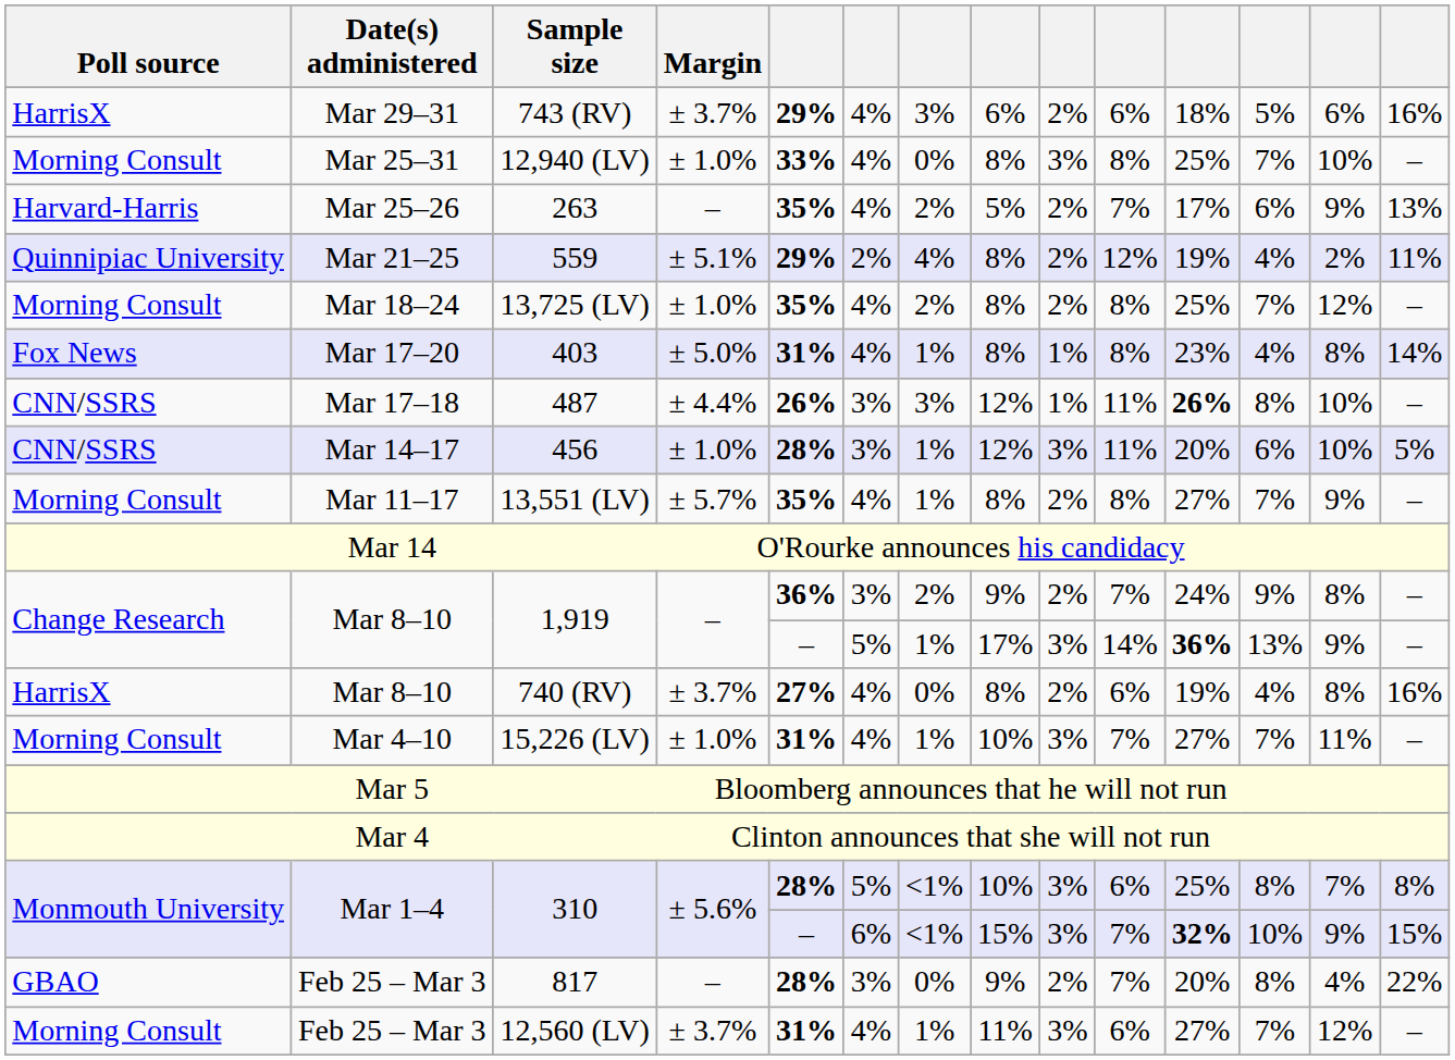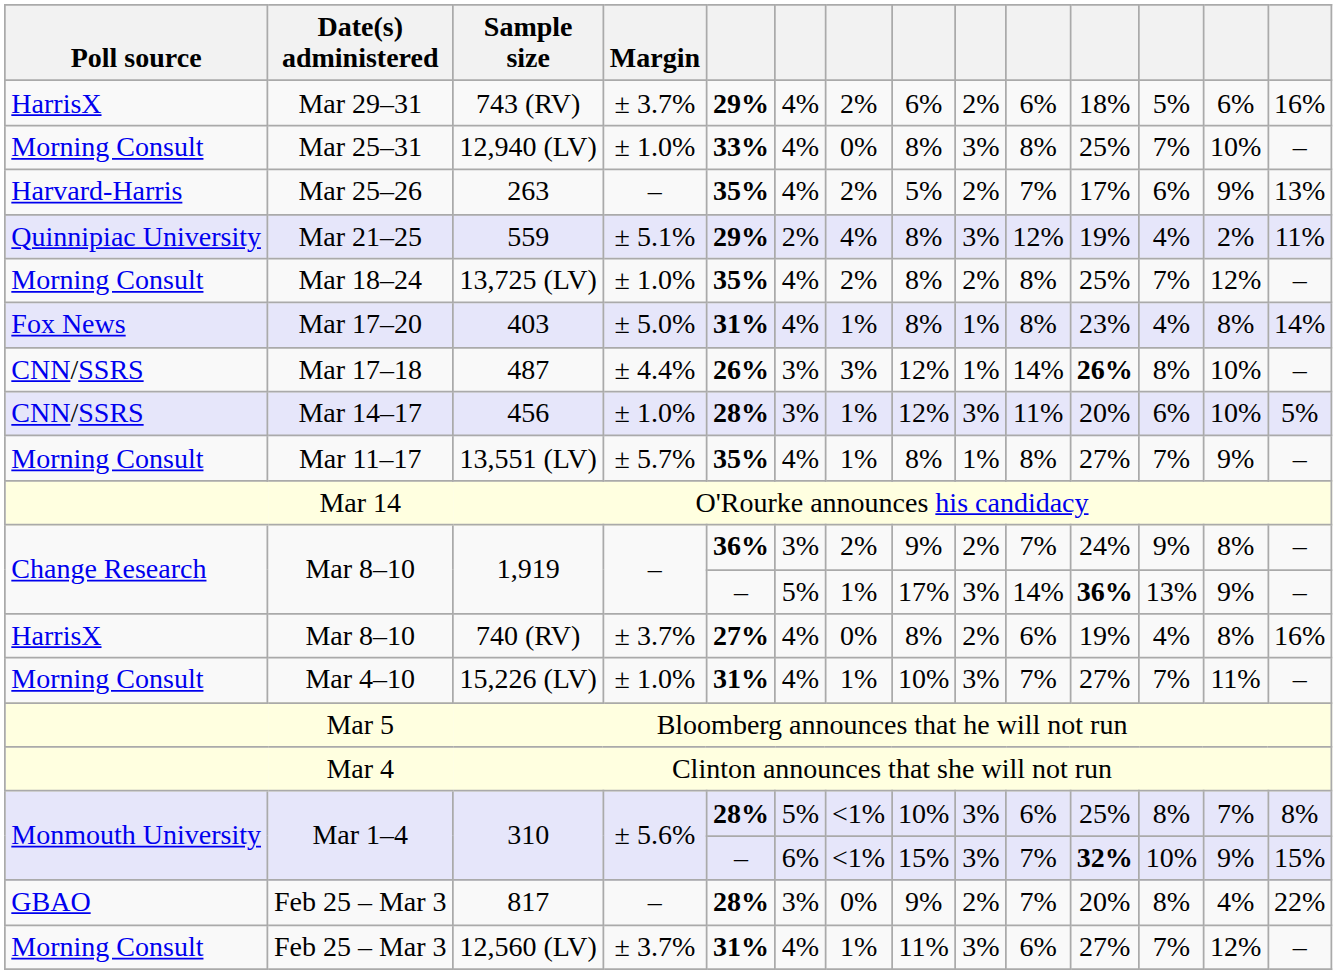 <table class="wikitable sortable" style="text-align:center;">
 <tr valign=bottom>
 <th style="background-position: right 85%;">Poll source</th>
 <th style="background-position: right 85%;">Date(s)<br>administered</th>
 <th style="background-position: right 85%;">Sample<br>size</th>
 <th style="background-position: right 85%;">Margin<br></th>
 <th></th>
 <th></th>
 <th></th>
 <th></th>
 <th></th>
 <th></th>
 <th></th>
 <th></th>
 <th></th>
 <th></th>
 </tr>
 <tr>
 <td style="text-align:left;"><a href='#'>HarrisX</a></td>
 <td>Mar 29–31</td>
 <td>743 (RV)</td>
 <td>± 3.7%</td>
 <td><strong>29%</strong></td>
 <td>4%</td>
-<td>3%</td>
+<td>2%</td>
 <td>6%</td>
 <td>2%</td>
 <td>6%</td>
 <td>18%</td>
 <td>5%</td>
 <td>6%</td>
 <td>16%</td>
 </tr>
 <tr>
 <td style="text-align:left;"><a href='#'>Morning Consult</a></td>
 <td>Mar 25–31</td>
 <td>12,940 (LV)</td>
 <td>± 1.0%</td>
 <td><strong>33%</strong></td>
 <td>4%</td>
 <td>0%</td>
 <td>8%</td>
 <td>3%</td>
 <td>8%</td>
 <td>25%</td>
 <td>7%</td>
 <td>10%</td>
 <td>–</td>
 </tr>
 <tr>
 <td style="text-align:left;"><a href='#'>Harvard-Harris</a></td>
 <td>Mar 25–26</td>
 <td>263</td>
 <td>–</td>
 <td><strong>35%</strong></td>
 <td>4%</td>
 <td>2%</td>
 <td>5%</td>
 <td>2%</td>
 <td>7%</td>
 <td>17%</td>
 <td>6%</td>
 <td>9%</td>
 <td>13%</td>
 </tr>
 <tr bgcolor=lavender>
 <td style="text-align:left;"><a href='#'>Quinnipiac University</a></td>
 <td>Mar 21–25</td>
 <td>559</td>
 <td>± 5.1%</td>
 <td><strong>29%</strong></td>
 <td>2%</td>
 <td>4%</td>
 <td>8%</td>
-<td>2%</td>
+<td>3%</td>
 <td>12%</td>
 <td>19%</td>
 <td>4%</td>
 <td>2%</td>
 <td>11%</td>
 </tr>
 <tr>
 <td style="text-align:left;"><a href='#'>Morning Consult</a></td>
 <td>Mar 18–24</td>
 <td>13,725 (LV)</td>
 <td>± 1.0%</td>
 <td><strong>35%</strong></td>
 <td>4%</td>
 <td>2%</td>
 <td>8%</td>
 <td>2%</td>
 <td>8%</td>
 <td>25%</td>
 <td>7%</td>
 <td>12%</td>
 <td>–</td>
 </tr>
 <tr bgcolor=lavender>
 <td style="text-align:left;"><a href='#'>Fox News</a></td>
 <td>Mar 17–20</td>
 <td>403</td>
 <td>± 5.0%</td>
 <td><strong>31%</strong></td>
 <td>4%</td>
 <td>1%</td>
 <td>8%</td>
 <td>1%</td>
 <td>8%</td>
 <td>23%</td>
 <td>4%</td>
 <td>8%</td>
 <td>14%</td>
 </tr>
 <tr>
 <td style="text-align:left;"><a href='#'>CNN</a>/<a href='#'>SSRS</a></td>
 <td>Mar 17–18</td>
 <td>487</td>
 <td>± 4.4%</td>
 <td><strong>26%</strong></td>
 <td>3%</td>
 <td>3%</td>
 <td>12%</td>
 <td>1%</td>
-<td>11%</td>
+<td>14%</td>
 <td><strong>26%</strong></td>
 <td>8%</td>
 <td>10%</td>
 <td>–</td>
 </tr>
 <tr bgcolor=lavender>
 <td style="text-align:left;"><a href='#'>CNN</a>/<a href='#'>SSRS</a></td>
 <td>Mar 14–17</td>
 <td>456</td>
 <td>± 1.0%</td>
 <td><strong>28%</strong></td>
 <td>3%</td>
 <td>1%</td>
 <td>12%</td>
 <td>3%</td>
 <td>11%</td>
 <td>20%</td>
 <td>6%</td>
 <td>10%</td>
 <td>5%</td>
 </tr>
 <tr>
 <td style="text-align:left;"><a href='#'>Morning Consult</a></td>
 <td>Mar 11–17</td>
 <td>13,551 (LV)</td>
 <td>± 5.7%</td>
 <td><strong>35%</strong></td>
 <td>4%</td>
 <td>1%</td>
 <td>8%</td>
-<td>2%</td>
+<td>1%</td>
 <td>8%</td>
 <td>27%</td>
 <td>7%</td>
 <td>9%</td>
 <td>–</td>
 </tr>
 <tr style="background:lightyellow;">
 <td style="border-right-style:hidden;"></td>
 <td style="border-right-style:hidden;">Mar 14</td>
 <td colspan="14">O'Rourke announces <a href='#'>his candidacy</a></td>
 </tr>
 <tr>
 <td rowspan=2 style="text-align:left;"><a href='#'>Change Research</a></td>
 <td rowspan=2>Mar 8–10</td>
 <td rowspan=2>1,919</td>
 <td rowspan=2>–</td>
 <td><strong>36%</strong></td>
 <td>3%</td>
 <td>2%</td>
 <td>9%</td>
 <td>2%</td>
 <td>7%</td>
 <td>24%</td>
 <td>9%</td>
 <td>8%</td>
 <td>–</td>
 </tr>
 <tr>
 <td>–</td>
 <td>5%</td>
 <td>1%</td>
 <td>17%</td>
 <td>3%</td>
 <td>14%</td>
 <td><strong>36%</strong></td>
 <td>13%</td>
 <td>9%</td>
 <td>–</td>
 </tr>
 <tr>
 <td style="text-align:left;"><a href='#'>HarrisX</a></td>
 <td>Mar 8–10</td>
 <td>740 (RV)</td>
 <td>± 3.7%</td>
 <td><strong>27%</strong></td>
 <td>4%</td>
 <td>0%</td>
 <td>8%</td>
 <td>2%</td>
 <td>6%</td>
 <td>19%</td>
 <td>4%</td>
 <td>8%</td>
 <td>16%</td>
 </tr>
 <tr>
 <td style="text-align:left;"><a href='#'>Morning Consult</a></td>
 <td>Mar 4–10</td>
 <td>15,226 (LV)</td>
 <td>± 1.0%</td>
 <td><strong>31%</strong></td>
 <td>4%</td>
 <td>1%</td>
 <td>10%</td>
 <td>3%</td>
 <td>7%</td>
 <td>27%</td>
 <td>7%</td>
 <td>11%</td>
 <td>–</td>
 </tr>
 <tr style="background:lightyellow;">
 <td style="border-right-style:hidden;"></td>
 <td style="border-right-style:hidden;">Mar 5</td>
 <td colspan="14">Bloomberg announces that he will not run</td>
 </tr>
 <tr style="background:lightyellow;">
 <td style="border-right-style:hidden;"></td>
 <td style="border-right-style:hidden;">Mar 4</td>
 <td colspan="14">Clinton announces that she will not run</td>
 </tr>
 <tr bgcolor=lavender>
 <td rowspan=2 style="text-align:left;"><a href='#'>Monmouth University</a></td>
 <td rowspan=2>Mar 1–4</td>
 <td rowspan=2>310</td>
 <td rowspan=2>± 5.6%</td>
 <td><strong>28%</strong></td>
 <td>5%</td>
 <td><1%</td>
 <td>10%</td>
 <td>3%</td>
 <td>6%</td>
 <td>25%</td>
 <td>8%</td>
 <td>7%</td>
 <td>8%</td>
 </tr>
 <tr bgcolor=lavender>
 <td>–</td>
 <td>6%</td>
 <td><1%</td>
 <td>15%</td>
 <td>3%</td>
 <td>7%</td>
 <td><strong>32%</strong></td>
 <td>10%</td>
 <td>9%</td>
 <td>15%</td>
 </tr>
 <tr>
 <td style="text-align:left;"><a href='#'>GBAO</a></td>
 <td>Feb 25 – Mar 3</td>
 <td>817</td>
 <td>–</td>
 <td><strong>28%</strong></td>
 <td>3%</td>
 <td>0%</td>
 <td>9%</td>
 <td>2%</td>
 <td>7%</td>
 <td>20%</td>
 <td>8%</td>
 <td>4%</td>
 <td>22%</td>
 </tr>
 <tr>
 <td style="text-align:left;"><a href='#'>Morning Consult</a></td>
 <td>Feb 25 – Mar 3</td>
 <td>12,560 (LV)</td>
 <td>± 3.7%</td>
 <td><strong>31%</strong></td>
 <td>4%</td>
 <td>1%</td>
 <td>11%</td>
 <td>3%</td>
 <td>6%</td>
 <td>27%</td>
 <td>7%</td>
 <td>12%</td>
 <td>–</td>
 </tr>
 </table>
